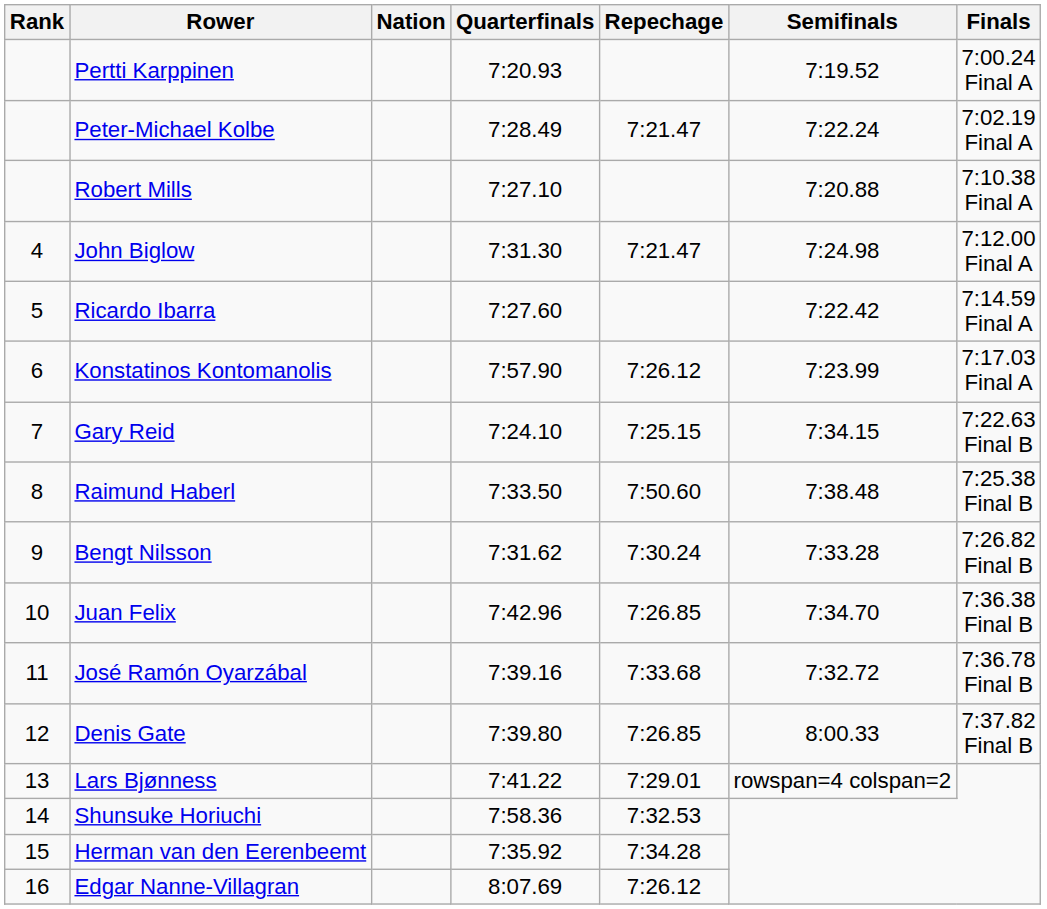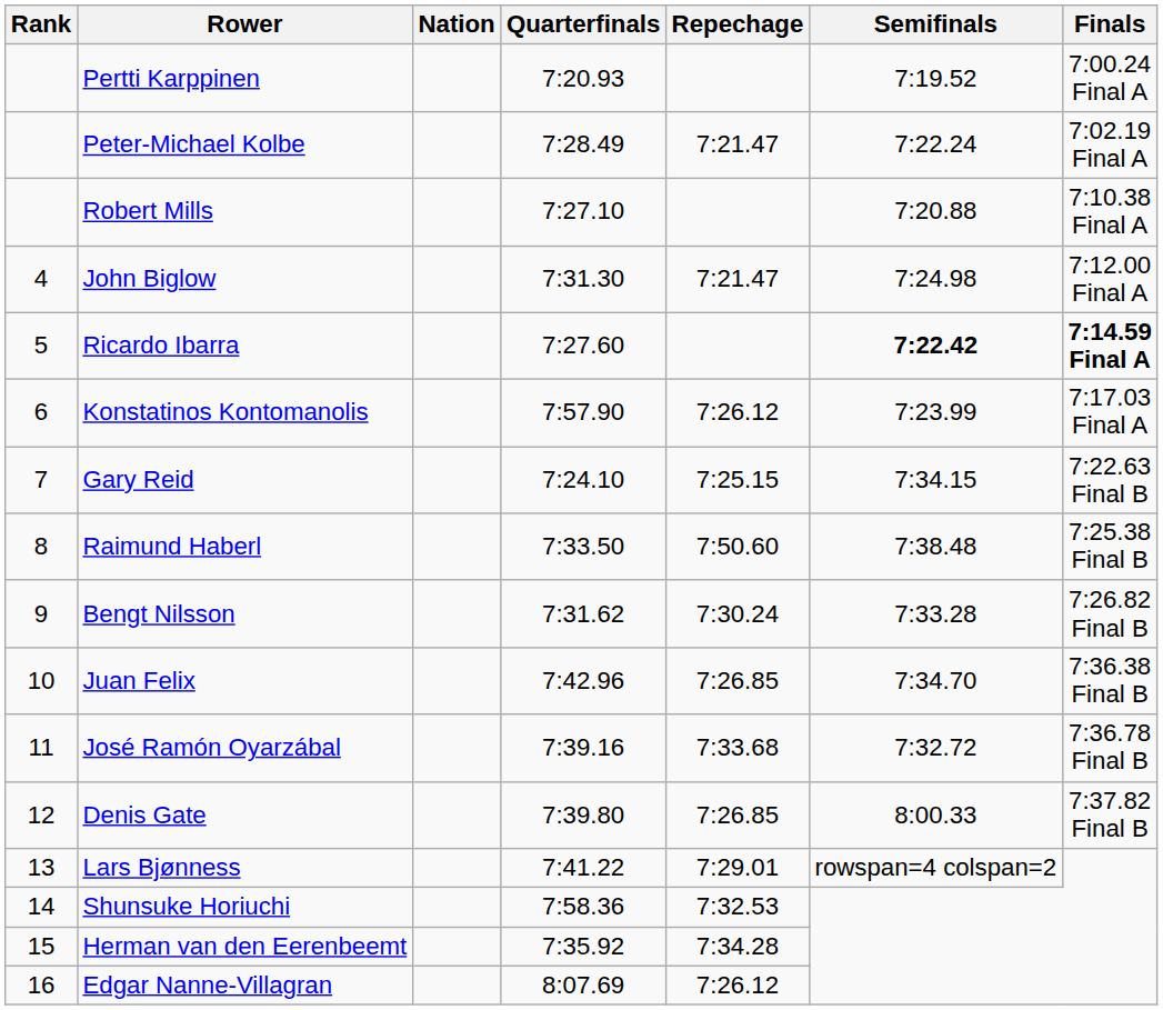 <table class="wikitable sortable" style="text-align:center">
 <tr>
 <th>Rank</th>
 <th>Rower</th>
 <th>Nation</th>
 <th>Quarterfinals</th>
 <th>Repechage</th>
 <th>Semifinals</th>
 <th>Finals</th>
 </tr>
 <tr>
 <td></td>
 <td align=left><a href='#'>Pertti Karppinen</a></td>
 <td align=left></td>
 <td>7:20.93</td>
 <td></td>
 <td>7:19.52</td>
 <td>7:00.24<br>Final A</td>
 </tr>
 <tr>
 <td></td>
 <td align=left><a href='#'>Peter-Michael Kolbe</a></td>
 <td align=left></td>
 <td>7:28.49</td>
 <td>7:21.47</td>
 <td>7:22.24</td>
 <td>7:02.19<br>Final A</td>
 </tr>
 <tr>
 <td></td>
 <td align=left><a href='#'>Robert Mills</a></td>
 <td align=left></td>
 <td>7:27.10</td>
 <td></td>
 <td>7:20.88</td>
 <td>7:10.38<br>Final A</td>
 </tr>
 <tr>
 <td>4</td>
 <td align=left><a href='#'>John Biglow</a></td>
 <td align=left></td>
 <td>7:31.30</td>
 <td>7:21.47</td>
 <td>7:24.98</td>
 <td>7:12.00<br>Final A</td>
 </tr>
 <tr>
 <td>5</td>
 <td align=left><a href='#'>Ricardo Ibarra</a></td>
 <td align=left></td>
 <td>7:27.60</td>
 <td></td>
-<td>7:22.42</td>
-<td>7:14.59<br>Final A</td>
+<td><strong>7:22.42</strong></td>
+<td><strong>7:14.59<br>Final A</strong></td>
 </tr>
 <tr>
 <td>6</td>
 <td align=left><a href='#'>Konstatinos Kontomanolis</a></td>
 <td align=left></td>
 <td>7:57.90</td>
 <td>7:26.12</td>
 <td>7:23.99</td>
 <td>7:17.03<br>Final A</td>
 </tr>
 <tr>
 <td>7</td>
 <td align=left><a href='#'>Gary Reid</a></td>
 <td align=left></td>
 <td>7:24.10</td>
 <td>7:25.15</td>
 <td>7:34.15</td>
 <td>7:22.63<br>Final B</td>
 </tr>
 <tr>
 <td>8</td>
 <td align=left><a href='#'>Raimund Haberl</a></td>
 <td align=left></td>
 <td>7:33.50</td>
 <td>7:50.60</td>
 <td>7:38.48</td>
 <td>7:25.38<br>Final B</td>
 </tr>
 <tr>
 <td>9</td>
 <td align=left><a href='#'>Bengt Nilsson</a></td>
 <td align=left></td>
 <td>7:31.62</td>
 <td>7:30.24</td>
 <td>7:33.28</td>
 <td>7:26.82<br>Final B</td>
 </tr>
 <tr>
 <td>10</td>
 <td align=left><a href='#'>Juan Felix</a></td>
 <td align=left></td>
 <td>7:42.96</td>
 <td>7:26.85</td>
 <td>7:34.70</td>
 <td>7:36.38<br>Final B</td>
 </tr>
 <tr>
 <td>11</td>
 <td align=left><a href='#'>José Ramón Oyarzábal</a></td>
 <td align=left></td>
 <td>7:39.16</td>
 <td>7:33.68</td>
 <td>7:32.72</td>
 <td>7:36.78<br>Final B</td>
 </tr>
 <tr>
 <td>12</td>
 <td align=left><a href='#'>Denis Gate</a></td>
 <td align=left></td>
 <td>7:39.80</td>
 <td>7:26.85</td>
 <td>8:00.33</td>
 <td>7:37.82<br>Final B</td>
 </tr>
 <tr>
 <td>13</td>
 <td align=left><a href='#'>Lars Bjønness</a></td>
 <td align=left></td>
 <td>7:41.22</td>
 <td>7:29.01</td>
 <td>rowspan=4 colspan=2 </td>
 </tr>
 <tr>
 <td>14</td>
 <td align=left><a href='#'>Shunsuke Horiuchi</a></td>
 <td align=left></td>
 <td>7:58.36</td>
 <td>7:32.53</td>
 </tr>
 <tr>
 <td>15</td>
 <td align=left><a href='#'>Herman van den Eerenbeemt</a></td>
 <td align=left></td>
 <td>7:35.92</td>
 <td>7:34.28</td>
 </tr>
 <tr>
 <td>16</td>
 <td align=left><a href='#'>Edgar Nanne-Villagran</a></td>
 <td align=left></td>
 <td>8:07.69</td>
 <td>7:26.12</td>
 </tr>
 </table>
